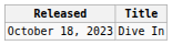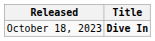 <table class="wikitable">
 <tr>
 <th>Released</th>
 <th>Title</th>
 </tr>
 <tr>
 <td>October 18, 2023</td>
-<td>Dive In</td>
+<td><strong>Dive In</strong></td>
 </tr>
 </table>
